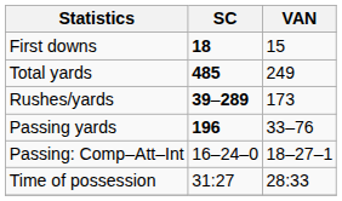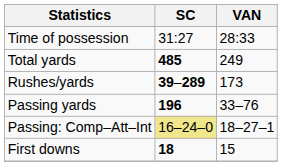 <table class="wikitable" style="float: left;">
 <tr>
 <th>Statistics</th>
 <th>SC</th>
 <th>VAN</th>
 </tr>
 <tr>
-<td>First downs</td>
-<td><strong>18</strong></td>
-<td>15</td>
+<td>Time of possession</td>
+<td>31:27</td>
+<td>28:33</td>
 </tr>
 <tr>
 <td>Total yards</td>
 <td><strong>485</strong></td>
 <td>249</td>
 </tr>
 <tr>
 <td>Rushes/yards</td>
 <td><strong>39</strong>–<strong>289</strong></td>
 <td>173</td>
 </tr>
 <tr>
 <td>Passing yards</td>
 <td><strong>196</strong></td>
 <td>33–76</td>
 </tr>
 <tr>
 <td>Passing: Comp–Att–Int</td>
-<td>16–24–0</td>
+<td style="background: khaki;">16–24–0</td>
 <td>18–27–1</td>
 </tr>
 <tr>
-<td>Time of possession</td>
-<td>31:27</td>
-<td>28:33</td>
+<td>First downs</td>
+<td><strong>18</strong></td>
+<td>15</td>
 </tr>
 <tr>
 </tr>
 </table>
